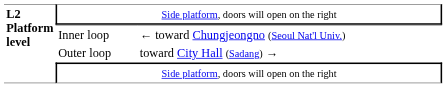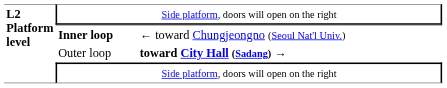 <table table border=0 cellspacing=0 cellpadding=3>
 <tr>
 <td style="border-top:solid 1px gray;border-bottom:solid 1px gray;" width=50 rowspan=10 valign=top><strong>L2<br>Platform level</strong></td>
 <td style="border-top:solid 1px gray;border-right:solid 2px black;border-left:solid 2px black;border-bottom:solid 2px black;text-align:center;" colspan=2><small><a href='#'>Side platform</a>, doors will open on the right </small></td>
 </tr>
 <tr>
-<td style="border-bottom:solid 0px gray;border-top:solid 1px gray;" width=100>Inner loop</td>
+<td style="border-bottom:solid 0px gray;border-top:solid 1px gray;" width=100><strong>Inner loop</strong></td>
 <td style="border-bottom:solid 0px gray;border-top:solid 1px gray;" width=390>←  toward <a href='#'>Chungjeongno</a> <small>(<a href='#'>Seoul Nat'l Univ.</a>)</small></td>
 </tr>
 <tr>
 <td>Outer loop</td>
-<td>  toward <a href='#'>City Hall</a> <small>(<a href='#'>Sadang</a>)</small> →</td>
+<td><strong>  toward <a href='#'>City Hall</a> <small>(<a href='#'>Sadang</a>)</small> →</strong></td>
 </tr>
 <tr>
 <td style="border-top:solid 2px black;border-right:solid 2px black;border-left:solid 2px black;border-bottom:solid 1px gray;text-align:center;" colspan=2><small><a href='#'>Side platform</a>, doors will open on the right </small></td>
 </tr>
 </table>
